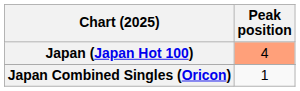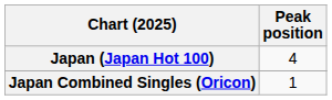 <table class="wikitable sortable plainrowheaders" style="text-align:center">
 <tr>
 <th scope="col">Chart (2025)</th>
 <th scope="col">Peak<br>position</th>
 </tr>
 <tr>
 <th scope="row">Japan (<a href='#'>Japan Hot 100</a>)</th>
-<td style="background: lightsalmon;">4</td>
+<td>4</td>
 </tr>
 <tr>
 </tr>
 <tr>
 <th scope="row">Japan Combined Singles (<a href='#'>Oricon</a>)</th>
 <td>1</td>
 </tr>
 </table>
